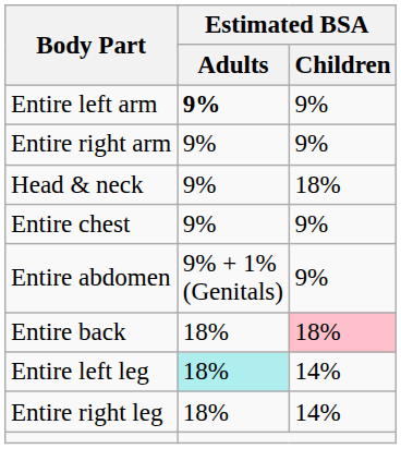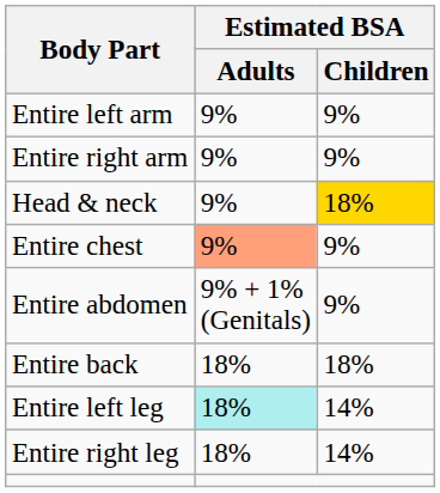 <table class="wikitable floatright">
 <tr>
 <th rowspan="2">Body Part</th>
 <th colspan="2">Estimated BSA</th>
 </tr>
 <tr>
 <th>Adults</th>
 <th>Children</th>
 </tr>
 <tr>
 <td>Entire left arm</td>
-<td><strong>9%</strong></td>
+<td>9%</td>
 <td>9%</td>
 </tr>
 <tr>
 <td>Entire right arm</td>
 <td>9%</td>
 <td>9%</td>
 </tr>
 <tr>
 <td>Head & neck</td>
 <td>9%</td>
-<td>18%</td>
+<td style="background: gold;">18%</td>
 </tr>
 <tr>
 <td>Entire chest</td>
-<td>9%</td>
+<td style="background: lightsalmon;">9%</td>
 <td>9%</td>
 </tr>
 <tr>
 <td>Entire abdomen</td>
 <td>9% + 1%<br>(Genitals)</td>
 <td>9%</td>
 </tr>
 <tr>
 <td>Entire back</td>
 <td>18%</td>
-<td style="background: pink;">18%</td>
+<td>18%</td>
 </tr>
 <tr>
 <td>Entire left leg</td>
 <td style="background: paleturquoise;">18%</td>
 <td>14%</td>
 </tr>
 <tr>
 <td>Entire right leg</td>
 <td>18%</td>
 <td>14%</td>
 </tr>
 <tr>
 <td></td>
 </tr>
 </table>
